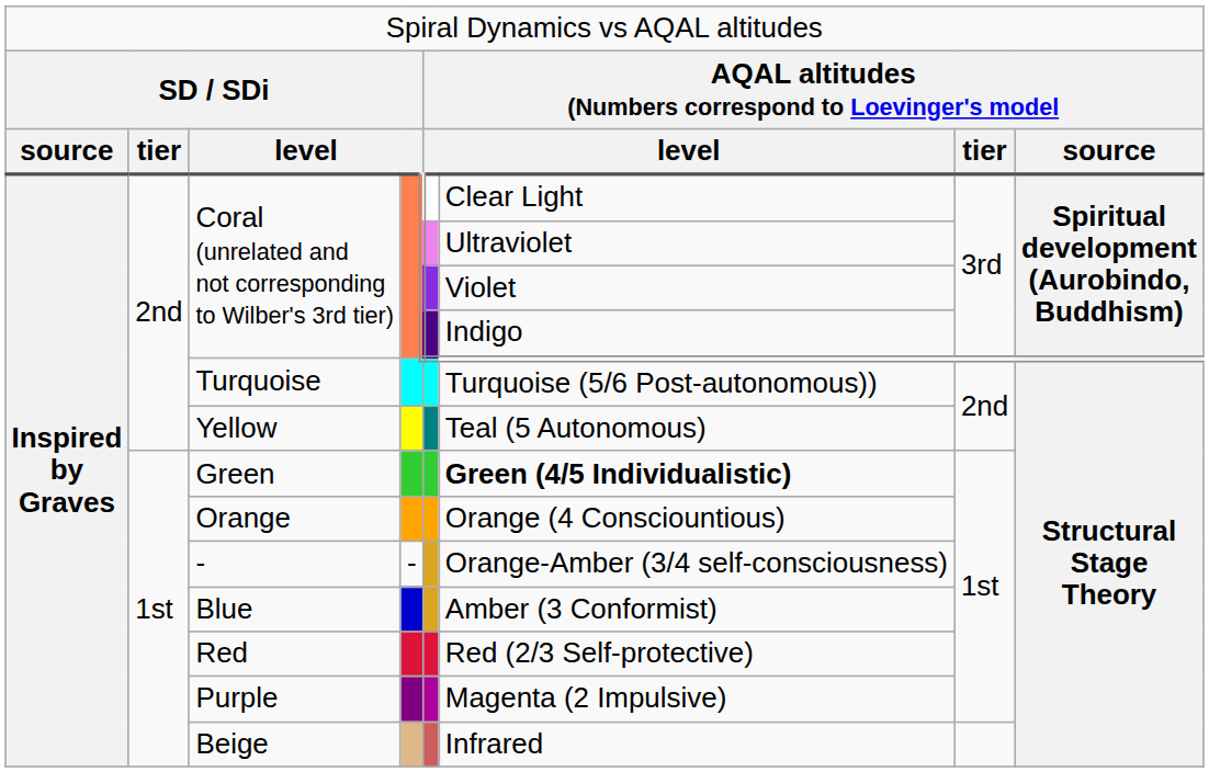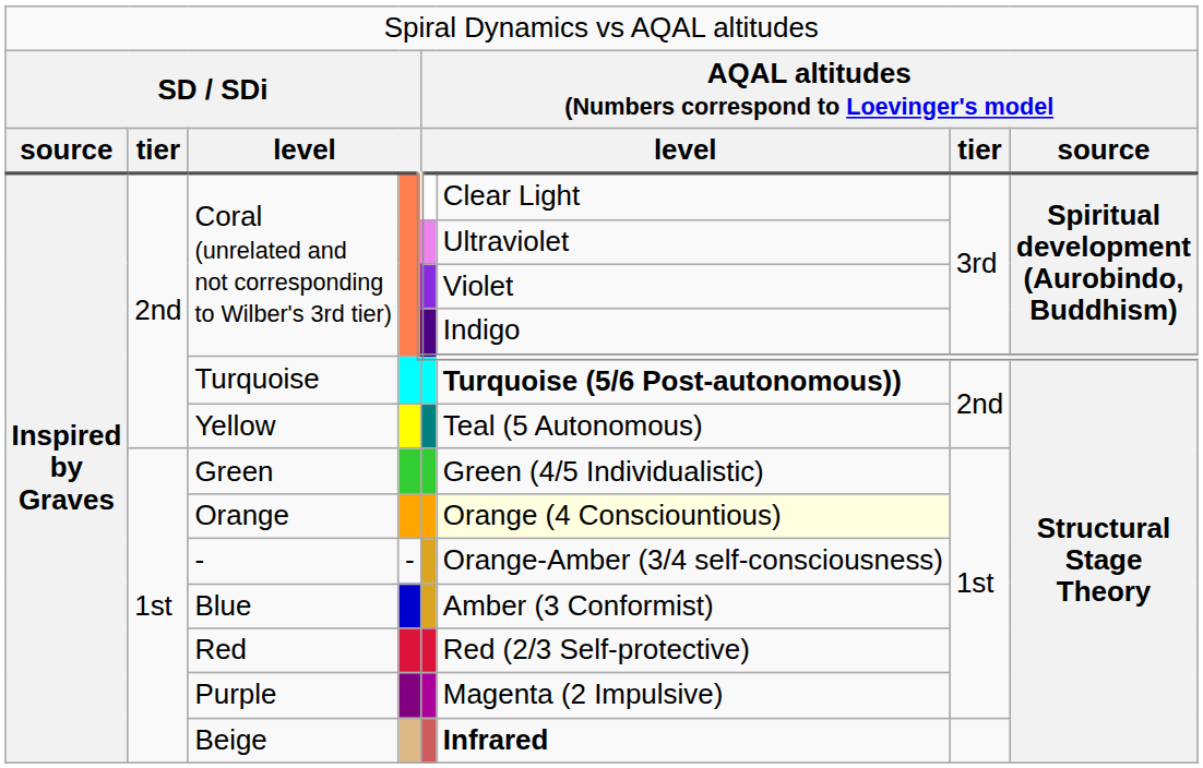 <table class="wikitable collapsible collapsed" style="float:right;">
 <tr>
 <td colspan=8 align=center>Spiral Dynamics vs AQAL altitudes</td>
 </tr>
 <tr>
 <th colspan=4>SD / SDi</th>
 <th colspan=4>AQAL altitudes<br><small>(Numbers correspond to <a href='#'>Loevinger's model</a></small></th>
 </tr>
 <tr>
 <th style="border-bottom-color:#505050;border-bottom-width:2px;">source</th>
 <th style="border-bottom-color:#505050;border-bottom-width:2px;">tier</th>
 <th colspan=2 style="border-bottom-color:#505050;border-bottom-width:2px;">level</th>
 <th colspan=2 style="border-bottom-color:#505050;border-bottom-width:2px;">level</th>
 <th style="border-bottom-color:#505050;border-bottom-width:2px;">tier</th>
 <th style="border-bottom-color:#505050;border-bottom-width:2px;">source</th>
 </tr>
 <tr style="">
 <th rowspan=13>Inspired<br>by<br>Graves</th>
 <td rowspan=6 style="">2nd</td>
 <td rowspan=4 style="">Coral<br><small>(unrelated and<br>not corresponding<br>to Wilber's 3rd tier)</small></td>
 <td rowspan=4 style="background:coral;"></td>
 <td style="background:white;border-left-width:4px;border-left-style:double;border-left-color:#909090;"></td>
 <td>Clear Light</td>
 <td rowspan=4 style="border-bottom-width:4px;border-bottom-style:double;border-bottom-color:#909090;">3rd</td>
 <th rowspan=4 style="border-bottom-width:4px;border-bottom-style:double;border-bottom-color:#909090;">Spiritual<br>development<br>(Aurobindo,<br>Buddhism)</th>
 </tr>
 <tr>
 <td style="background:violet;border-left-width:4px;border-left-style:double;border-left-color:#909090;"></td>
 <td>Ultraviolet</td>
 </tr>
 <tr>
 <td style="background:blueviolet;color:white;border-left-width:4px;border-left-style:double;border-left-color:#909090;"></td>
 <td>Violet</td>
 </tr>
 <tr>
 <td style="background:indigo;color:white;border-left-width:4px;border-left-style:double;border-left-color:#909090;border-bottom-width:4px;border-bottom-style:double;border-bottom-color:#909090;"></td>
 <td style="border-bottom-width:4px;border-bottom-style:double;border-bottom-color:#909090;">Indigo</td>
 </tr>
 <tr>
 <td>Turquoise</td>
 <td style="background:aqua;"></td>
 <td style="background:aqua;"></td>
-<td>Turquoise (5/6 Post-autonomous))</td>
+<td><strong>Turquoise (5/6 Post-autonomous))</strong></td>
 <td rowspan=2 style="">2nd</td>
 <th rowspan=9 style="">Structural<br>Stage<br>Theory</th>
 </tr>
 <tr>
 <td>Yellow</td>
 <td style="background:yellow;"></td>
 <td style="background:teal;color:white;"></td>
 <td>Teal (5 Autonomous)</td>
 </tr>
 <tr style="">
 <td rowspan=7 style="">1st</td>
 <td>Green</td>
 <td style="background:limegreen;color:white"></td>
 <td style="background:limegreen;color:white"></td>
-<td><strong>Green (4/5 Individualistic)</strong></td>
+<td>Green (4/5 Individualistic)</td>
 <td rowspan=6 style="">1st</td>
 </tr>
 <tr>
 <td>Orange</td>
 <td style="background:orange;"></td>
 <td style="background:orange;"></td>
-<td>Orange (4 Consciountious)</td>
+<td style="background: lightyellow;">Orange (4 Consciountious)</td>
 </tr>
 <tr>
 <td>-</td>
 <td>-</td>
 <td style="background:goldenrod;color:black;"></td>
 <td>Orange-Amber (3/4 self-consciousness)</td>
 </tr>
 <tr>
 <td>Blue</td>
 <td style="background:mediumblue;color:white;"></td>
 <td style="background:goldenrod;color:black;"></td>
 <td>Amber (3 Conformist)</td>
 </tr>
 <tr>
 <td>Red</td>
 <td style="background:crimson;color:white;"></td>
 <td style="background:crimson;color:white;"></td>
 <td>Red (2/3 Self-protective)</td>
 </tr>
 <tr>
 <td>Purple</td>
 <td style="background:purple;color:white"></td>
 <td style="background:#AC009B;color:white"></td>
 <td>Magenta (2 Impulsive)</td>
 </tr>
 <tr>
 <td>Beige</td>
 <td style="background:burlywood;"></td>
 <td style="background:indianred;color:white;"></td>
-<td>Infrared</td>
+<td><strong>Infrared</strong></td>
 </tr>
 </table>
